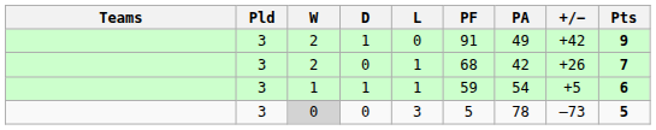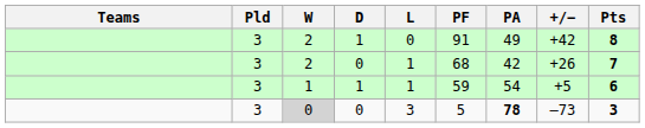 <table class="wikitable" style="text-align: center;">
 <tr>
 <th width="200">Teams</th>
 <th width="40">Pld</th>
 <th width="40">W</th>
 <th width="40">D</th>
 <th width="40">L</th>
 <th width="40">PF</th>
 <th width="40">PA</th>
 <th width="40">+/−</th>
 <th width="40">Pts</th>
 </tr>
 <tr bgcolor=#ccffcc>
 <td align=left></td>
 <td>3</td>
 <td>2</td>
 <td>1</td>
 <td>0</td>
 <td>91</td>
 <td>49</td>
 <td>+42</td>
-<td><strong>9</strong></td>
+<td><strong>8</strong></td>
 </tr>
 <tr bgcolor=#ccffcc>
 <td align=left></td>
 <td>3</td>
 <td>2</td>
 <td>0</td>
 <td>1</td>
 <td>68</td>
 <td>42</td>
 <td>+26</td>
 <td><strong>7</strong></td>
 </tr>
 <tr bgcolor=#ccffcc>
 <td align=left></td>
 <td>3</td>
 <td>1</td>
 <td>1</td>
 <td>1</td>
 <td>59</td>
 <td>54</td>
 <td>+5</td>
 <td><strong>6</strong></td>
 </tr>
 <tr>
 <td align=left></td>
 <td>3</td>
 <td style="background: lightgrey;">0</td>
 <td>0</td>
 <td>3</td>
 <td>5</td>
-<td>78</td>
+<td><strong>78</strong></td>
 <td>–73</td>
-<td><strong>5</strong></td>
+<td><strong>3</strong></td>
 </tr>
 </table>
